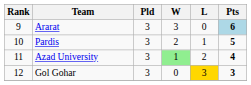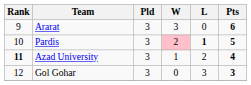 <table class="wikitable" style="text-align: center;">
 <tr>
 <th width=40>Rank</th>
 <th width=160>Team</th>
 <th width=40>Pld</th>
 <th width=40>W</th>
 <th width=40>L</th>
 <th width=40>Pts</th>
 </tr>
 <tr>
 <td>9</td>
 <td align="left"><a href='#'>Ararat</a></td>
 <td>3</td>
 <td>3</td>
 <td>0</td>
-<td style="background: lightblue;"><strong>6</strong></td>
+<td><strong>6</strong></td>
 </tr>
 <tr>
 <td>10</td>
 <td align="left"><a href='#'>Pardis</a></td>
 <td>3</td>
-<td>2</td>
-<td>1</td>
+<td style="background: pink;">2</td>
+<td><strong>1</strong></td>
 <td><strong>5</strong></td>
 </tr>
 <tr>
-<td>11</td>
+<td><strong>11</strong></td>
 <td align="left"><a href='#'>Azad University</a></td>
 <td>3</td>
-<td style="background: lightgreen;">1</td>
+<td>1</td>
 <td>2</td>
 <td><strong>4</strong></td>
 </tr>
 <tr>
 <td>12</td>
 <td align="left">Gol Gohar</td>
 <td>3</td>
 <td>0</td>
-<td style="background: gold;">3</td>
+<td>3</td>
 <td><strong>3</strong></td>
 </tr>
 <tr>
 </tr>
 </table>
